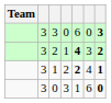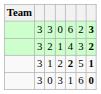 <table class=wikitable style="text-align:center">
 <tr>
 <th>Team</th>
 <th></th>
 <th></th>
 <th></th>
 <th></th>
 <th></th>
 <th></th>
 </tr>
 <tr bgcolor=ccffcc>
 <td style="text-align:left"></td>
 <td>3</td>
 <td>3</td>
 <td>0</td>
 <td>6</td>
-<td>0</td>
+<td>2</td>
 <td><strong>3</strong></td>
 </tr>
 <tr bgcolor=ccffcc>
 <td style="text-align:left"></td>
 <td>3</td>
 <td>2</td>
 <td>1</td>
-<td><strong>4</strong></td>
+<td>4</td>
 <td>3</td>
 <td><strong>2</strong></td>
 </tr>
 <tr>
 <td style="text-align:left"></td>
 <td>3</td>
 <td>1</td>
 <td>2</td>
 <td><strong>2</strong></td>
-<td>4</td>
+<td>5</td>
 <td><strong>1</strong></td>
 </tr>
 <tr>
 <td style="text-align:left"></td>
 <td>3</td>
 <td>0</td>
 <td>3</td>
 <td>1</td>
 <td>6</td>
 <td><strong>0</strong></td>
 </tr>
 </table>
